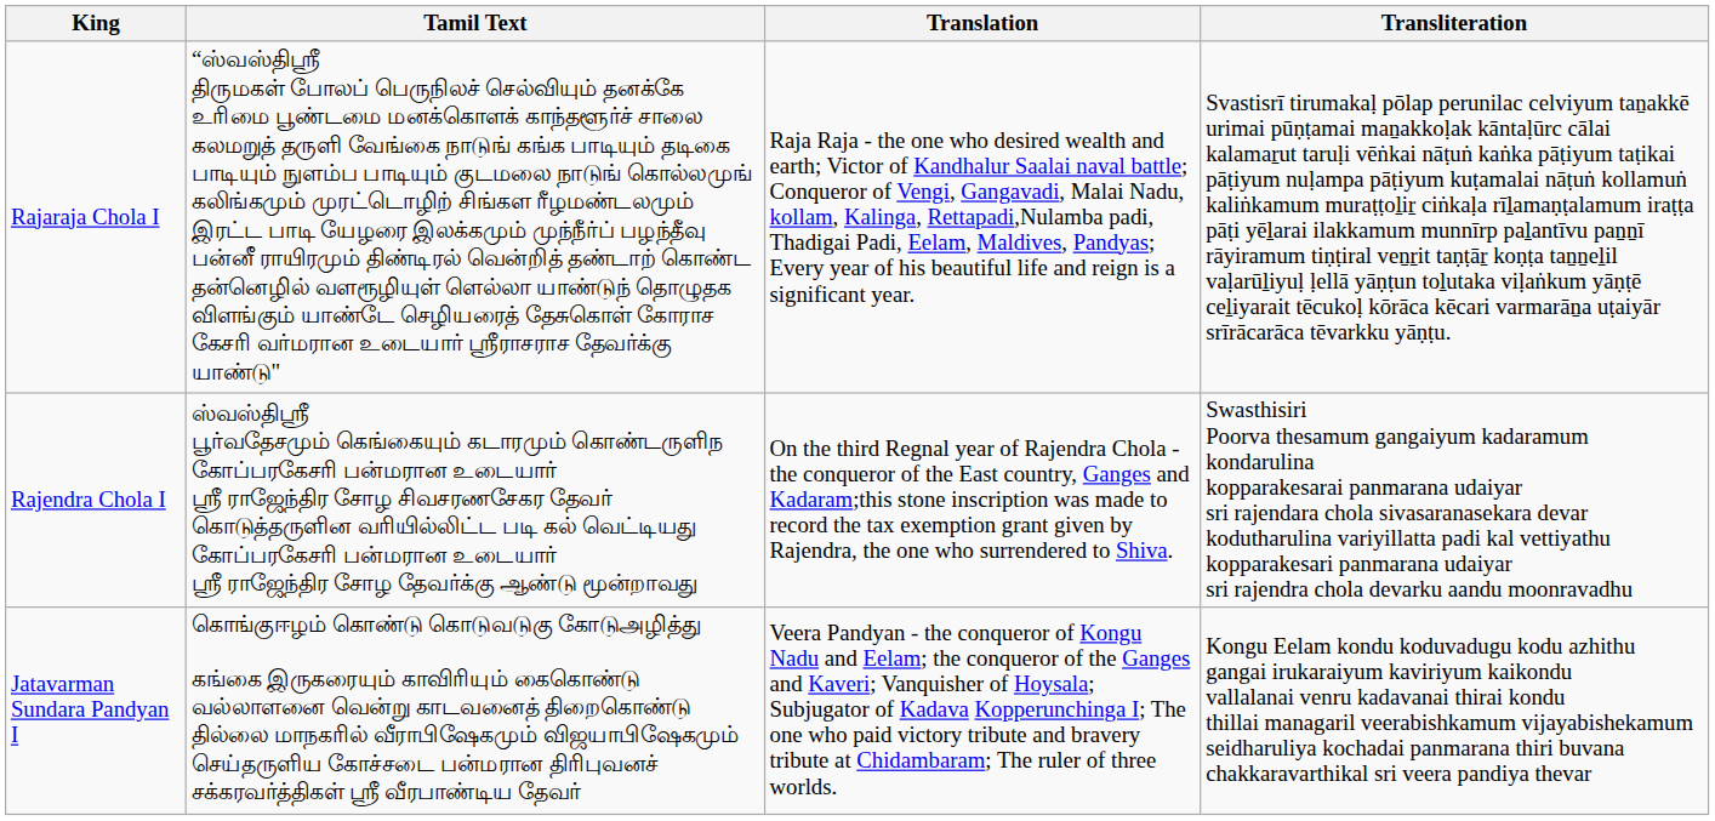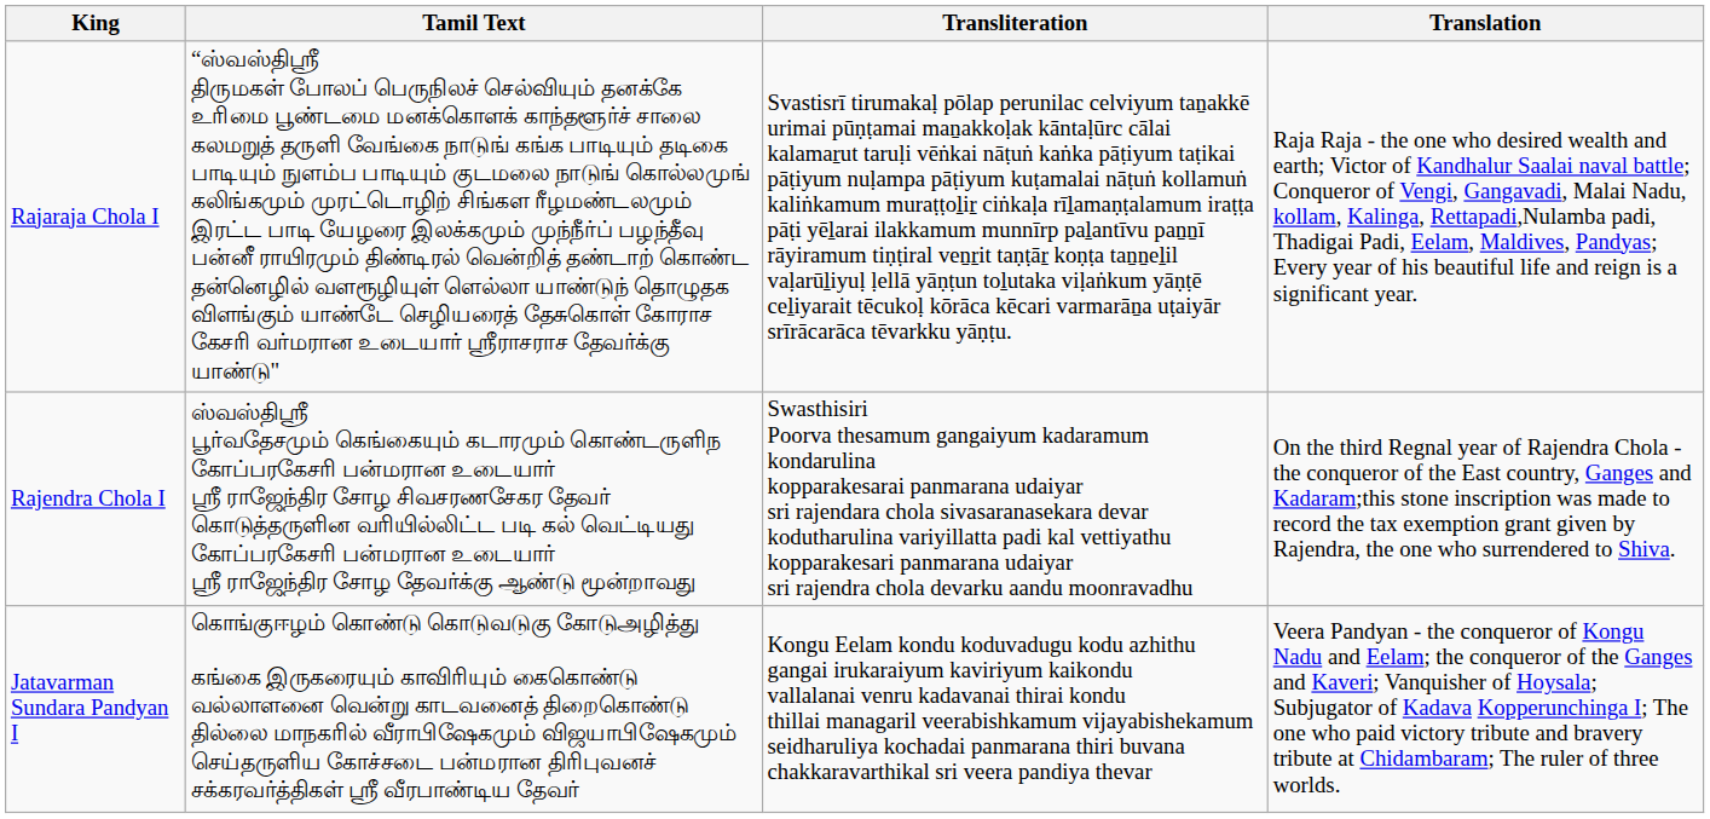 <table class="wikitable">
 <tr>
 <th width="120">King</th>
 <th width="400">Tamil Text</th>
+<th width="350">Transliteration</th>
 <th width="300">Translation</th>
-<th width="350">Transliteration</th>
 </tr>
 <tr>
 <td><a href='#'>Rajaraja Chola I</a></td>
 <td>“ஸ்வஸ்திஸ்ரீ<br>திருமகள் போலப் பெருநிலச் செல்வியும்  தனக்கே உரிமை பூண்டமை மனக்கொளக்  காந்தளூர்ச் சாலை கலமறுத் தருளி  வேங்கை நாடுங் கங்க பாடியும்  தடிகை பாடியும் நுளம்ப பாடியும்  குடமலை நாடுங் கொல்லமுங் கலிங்கமும்  முரட்டொழிற் சிங்கள ரீழமண்டலமும்  இரட்ட பாடி யேழரை இலக்கமும்  முந்நீர்ப் பழந்தீவு பன்னீ ராயிரமும்  திண்டிரல் வென்றித் தண்டாற் கொண்ட தன்னெழில் வளரூழியுள் ளெல்லா யாண்டுந் தொழுதக விளங்கும் யாண்டே செழியரைத் தேசுகொள் கோராச கேசரி வர்மரான உடையார் ஸ்ரீராசராச தேவர்க்கு யாண்டு"</td>
+<td>Svastisrī tirumakaḷ pōlap perunilac celviyum taṉakkē urimai pūṇṭamai maṉakkoḷak kāntaḷūrc cālai kalamaṟut taruḷi vēṅkai nāṭuṅ kaṅka pāṭiyum taṭikai pāṭiyum nuḷampa pāṭiyum kuṭamalai nāṭuṅ kollamuṅ kaliṅkamum muraṭṭoḻiṟ ciṅkaḷa rīḻamaṇṭalamum iraṭṭa pāṭi yēḻarai ilakkamum munnīrp paḻantīvu paṉṉī rāyiramum tiṇṭiral veṉṟit taṇṭāṟ koṇṭa taṉṉeḻil vaḷarūḻiyuḷ ḷellā yāṇṭun toḻutaka viḷaṅkum yāṇṭē ceḻiyarait tēcukoḷ kōrāca kēcari varmarāṉa uṭaiyār srīrācarāca tēvarkku yāṇṭu.</td>
 <td>Raja Raja - the one who desired wealth and earth; Victor of <a href='#'>Kandhalur Saalai naval battle</a>; Conqueror of <a href='#'>Vengi</a>, <a href='#'>Gangavadi</a>, Malai Nadu, <a href='#'>kollam</a>, <a href='#'>Kalinga</a>, <a href='#'>Rettapadi</a>,Nulamba padi, Thadigai Padi, <a href='#'>Eelam</a>, <a href='#'>Maldives</a>, <a href='#'>Pandyas</a>; Every year of his beautiful life and reign is a significant year.</td>
-<td>Svastisrī tirumakaḷ pōlap perunilac celviyum taṉakkē urimai pūṇṭamai maṉakkoḷak kāntaḷūrc cālai kalamaṟut taruḷi vēṅkai nāṭuṅ kaṅka pāṭiyum taṭikai pāṭiyum nuḷampa pāṭiyum kuṭamalai nāṭuṅ kollamuṅ kaliṅkamum muraṭṭoḻiṟ ciṅkaḷa rīḻamaṇṭalamum iraṭṭa pāṭi yēḻarai ilakkamum munnīrp paḻantīvu paṉṉī rāyiramum tiṇṭiral veṉṟit taṇṭāṟ koṇṭa taṉṉeḻil vaḷarūḻiyuḷ ḷellā yāṇṭun toḻutaka viḷaṅkum yāṇṭē ceḻiyarait tēcukoḷ kōrāca kēcari varmarāṉa uṭaiyār srīrācarāca tēvarkku yāṇṭu.</td>
 </tr>
 <tr>
 <td><a href='#'>Rajendra Chola I</a></td>
 <td>ஸ்வஸ்திஸ்ரீ<br>பூர்வதேசமும் கெங்கையும் கடாரமும் கொண்டருளிந<br>கோப்பரகேசரி பன்மரான உடையார்<br> ஸ்ரீ ராஜேந்திர சோழ சிவசரணசேகர தேவர்<br>கொடுத்தருளின வரியில்லிட்ட படி கல் வெட்டியது<br>கோப்பரகேசரி பன்மரான உடையார்<br> ஸ்ரீ ராஜேந்திர சோழ தேவர்க்கு ஆண்டு மூன்றாவது</td>
+<td>Swasthisiri<br>Poorva thesamum gangaiyum kadaramum kondarulina<br>kopparakesarai panmarana udaiyar<br>sri rajendara chola sivasaranasekara devar<br>kodutharulina variyillatta padi kal vettiyathu<br>kopparakesari panmarana udaiyar<br>sri rajendra chola devarku aandu moonravadhu</td>
 <td>On the third Regnal year of Rajendra Chola - the conqueror of the East country, <a href='#'>Ganges</a> and <a href='#'>Kadaram</a>;this stone inscription was made to record the tax exemption grant given by Rajendra, the one who surrendered to <a href='#'>Shiva</a>.</td>
-<td>Swasthisiri<br>Poorva thesamum gangaiyum kadaramum kondarulina<br>kopparakesarai panmarana udaiyar<br>sri rajendara chola sivasaranasekara devar<br>kodutharulina variyillatta padi kal vettiyathu<br>kopparakesari panmarana udaiyar<br>sri rajendra chola devarku aandu moonravadhu</td>
 </tr>
 <tr>
 <td><a href='#'>Jatavarman Sundara Pandyan I</a></td>
 <td>கொங்குஈழம் கொண்டு கொடுவடுகு கோடுஅழித்து<br><br>கங்கை இருகரையும் காவிரியும் கைகொண்டு<br> வல்லாளனை வென்று காடவனைத் திறைகொண்டு<br> தில்லை மாநகரில் வீராபிஷேகமும் விஜயாபிஷேகமும்<br> செய்தருளிய கோச்சடை பன்மரான திரிபுவனச்<br> சக்கரவர்த்திகள் ஸ்ரீ வீரபாண்டிய தேவர்</td>
+<td>Kongu Eelam kondu koduvadugu kodu azhithu<br>gangai irukaraiyum kaviriyum kaikondu<br>vallalanai venru kadavanai thirai kondu<br>thillai managaril veerabishkamum vijayabishekamum<br>seidharuliya kochadai panmarana thiri buvana<br>chakkaravarthikal sri veera pandiya thevar</td>
 <td>Veera Pandyan - the conqueror of <a href='#'>Kongu Nadu</a> and <a href='#'>Eelam</a>; the conqueror of the <a href='#'>Ganges</a> and <a href='#'>Kaveri</a>; Vanquisher of <a href='#'>Hoysala</a>; Subjugator of <a href='#'>Kadava</a> <a href='#'>Kopperunchinga I</a>; The one who paid victory tribute and bravery tribute at <a href='#'>Chidambaram</a>; The ruler of three worlds.</td>
-<td>Kongu Eelam kondu koduvadugu kodu azhithu<br>gangai irukaraiyum kaviriyum kaikondu<br>vallalanai venru kadavanai thirai kondu<br>thillai managaril veerabishkamum vijayabishekamum<br>seidharuliya kochadai panmarana thiri buvana<br>chakkaravarthikal sri veera pandiya thevar</td>
 </tr>
 </table>
